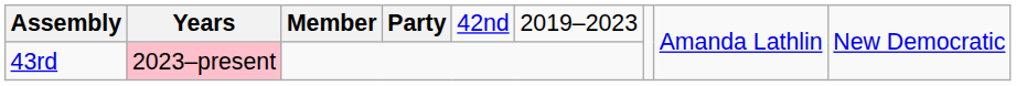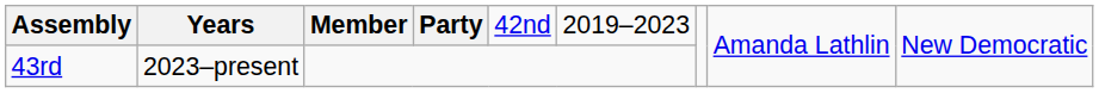 <table class="wikitable">
 <tr>
 <th>Assembly</th>
 <th>Years</th>
 <th colspan="2">Member</th>
 <th>Party<br></th>
 <td><a href='#'>42nd</a></td>
 <td>2019–2023</td>
 <td rowspan=2 ></td>
 <td rowspan=2><a href='#'>Amanda Lathlin</a></td>
 <td rowspan=2><a href='#'>New Democratic</a></td>
 </tr>
 <tr>
 <td><a href='#'>43rd</a></td>
-<td style="background: pink;">2023–present</td>
+<td>2023–present</td>
 </tr>
 </table>
